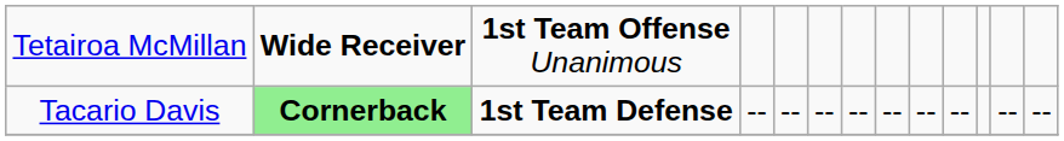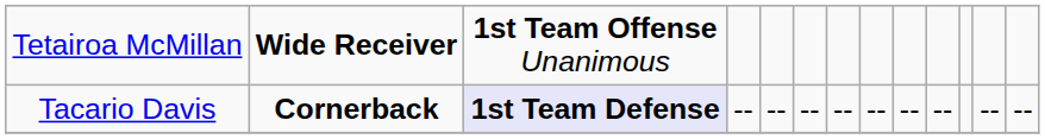 <table class="wikitable sortable sortable" style="text-align: center">
 <tr>
 <td><a href='#'>Tetairoa McMillan</a></td>
 <td><strong>Wide Receiver</strong></td>
 <td><strong>1st Team Offense</strong> <br> <em>Unanimous</em></td>
 <td></td>
 <td></td>
 <td></td>
 <td></td>
 <td></td>
 <td></td>
 <td></td>
 <td></td>
 <td></td>
 <td></td>
 </tr>
 <tr>
 <td><a href='#'>Tacario Davis</a></td>
-<td style="background: lightgreen;"><strong>Cornerback</strong></td>
-<td><strong>1st Team Defense</strong></td>
+<td><strong>Cornerback</strong></td>
+<td style="background: lavender;"><strong>1st Team Defense</strong></td>
 <td>--</td>
 <td>--</td>
 <td>--</td>
 <td>--</td>
 <td>--</td>
 <td>--</td>
 <td>--</td>
 <td></td>
 <td>--</td>
 <td>--</td>
 </tr>
 <tr>
 </tr>
 </table>
